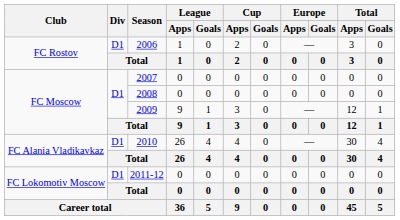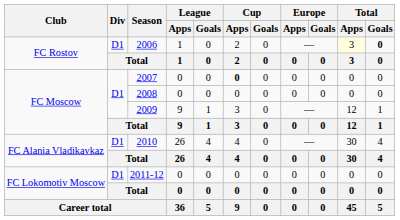 <table class="wikitable" style="text-align: center;">
 <tr>
 <th rowspan="2">Club</th>
 <th rowspan="2">Div</th>
 <th rowspan="2">Season</th>
 <th colspan="2">League</th>
 <th colspan="2">Cup</th>
 <th colspan="2">Europe</th>
 <th colspan="2">Total</th>
 </tr>
 <tr>
 <th>Apps</th>
 <th>Goals</th>
 <th>Apps</th>
 <th>Goals</th>
 <th>Apps</th>
 <th>Goals</th>
 <th>Apps</th>
 <th>Goals</th>
 </tr>
 <tr>
 <td rowspan="2" valign="center"> <a href='#'>FC Rostov</a></td>
 <td rowspan="1"><a href='#'>D1</a></td>
 <td><a href='#'>2006</a></td>
 <td>1</td>
 <td>0</td>
 <td>2</td>
 <td>0</td>
 <td colspan="2">—</td>
-<td>3</td>
-<td>0</td>
+<td style="background: lightyellow;">3</td>
+<td><strong>0</strong></td>
 </tr>
 <tr>
 <th colspan="2">Total</th>
 <th>1</th>
 <th>0</th>
 <th>2</th>
 <th>0</th>
 <th>0</th>
 <th>0</th>
 <th>3</th>
 <th>0</th>
 </tr>
 <tr>
 <td rowspan="4" valign="center"> <a href='#'>FC Moscow</a></td>
 <td rowspan="3"><a href='#'>D1</a></td>
 <td><a href='#'>2007</a></td>
 <td>0</td>
 <td>0</td>
-<td>0</td>
+<td><strong>0</strong></td>
 <td>0</td>
 <td>0</td>
 <td>0</td>
 <td>0</td>
 <td>0</td>
 </tr>
 <tr>
 <td><a href='#'>2008</a></td>
 <td>0</td>
 <td>0</td>
 <td>0</td>
 <td>0</td>
 <td>0</td>
 <td>0</td>
 <td>0</td>
 <td>0</td>
 </tr>
 <tr>
 <td><a href='#'>2009</a></td>
 <td>9</td>
 <td>1</td>
 <td>3</td>
 <td>0</td>
 <td colspan="2">—</td>
 <td>12</td>
 <td>1</td>
 </tr>
 <tr>
 <th colspan="2">Total</th>
 <th>9</th>
 <th>1</th>
 <th>3</th>
 <th>0</th>
 <th>0</th>
 <th>0</th>
 <th>12</th>
 <th>1</th>
 </tr>
 <tr>
 <td rowspan="2" valign="center"> <a href='#'>FC Alania Vladikavkaz</a></td>
 <td rowspan="1"><a href='#'>D1</a></td>
 <td><a href='#'>2010</a></td>
 <td>26</td>
 <td>4</td>
 <td>4</td>
 <td>0</td>
 <td colspan="2">—</td>
 <td>30</td>
 <td>4</td>
 </tr>
 <tr>
 <th colspan="2">Total</th>
 <th>26</th>
 <th>4</th>
 <th>4</th>
 <th>0</th>
 <th>0</th>
 <th>0</th>
 <th>30</th>
 <th>4</th>
 </tr>
 <tr>
 <td rowspan="2" valign="center"> <a href='#'>FC Lokomotiv Moscow</a></td>
 <td rowspan="1"><a href='#'>D1</a></td>
 <td><a href='#'>2011-12</a></td>
 <td>0</td>
 <td>0</td>
 <td>0</td>
 <td>0</td>
 <td>0</td>
 <td>0</td>
 <td>0</td>
 <td>0</td>
 </tr>
 <tr>
 <th colspan="2">Total</th>
 <th>0</th>
 <th>0</th>
 <th>0</th>
 <th>0</th>
 <th>0</th>
 <th>0</th>
 <th>0</th>
 <th>0</th>
 </tr>
 <tr>
 <th colspan="3">Career total</th>
 <th>36</th>
 <th>5</th>
 <th>9</th>
 <th>0</th>
 <th>0</th>
 <th>0</th>
 <th>45</th>
 <th>5</th>
 </tr>
 </table>
